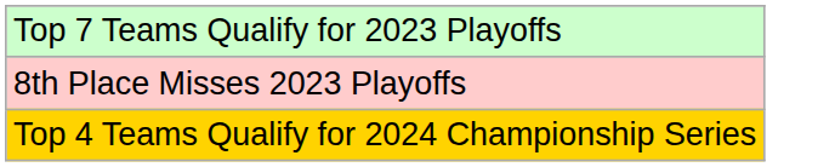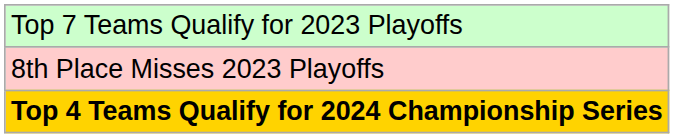 <table class="wikitable">
 <tr>
 <td style="background-color:#ccffcc;">Top 7 Teams Qualify for 2023 Playoffs</td>
 </tr>
 <tr bgcolor="ffcccc">
 <td>8th Place Misses 2023 Playoffs</td>
 </tr>
 <tr bgcolor="ffd300">
-<td>Top 4 Teams Qualify for 2024 Championship Series</td>
+<td><strong>Top 4 Teams Qualify for 2024 Championship Series</strong></td>
 </tr>
 </table>
